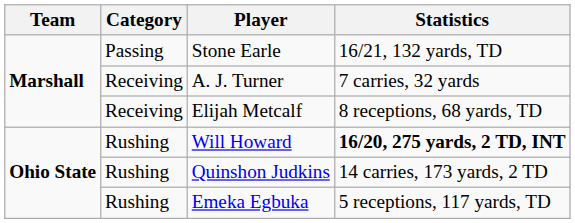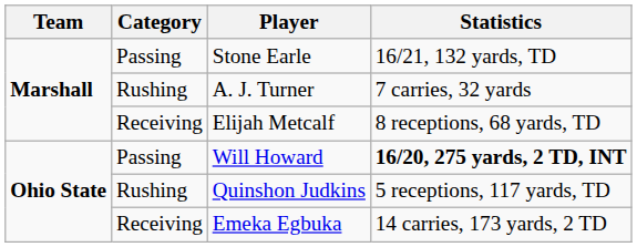 <table class="wikitable" style="float: right;">
 <tr>
 <th>Team</th>
 <th>Category</th>
 <th>Player</th>
 <th>Statistics</th>
 </tr>
 <tr>
 <td rowspan=3><strong>Marshall</strong></td>
 <td>Passing</td>
 <td>Stone Earle</td>
 <td>16/21, 132 yards, TD</td>
 </tr>
 <tr>
-<td>Receiving</td>
+<td>Rushing</td>
 <td>A. J. Turner</td>
 <td>7 carries, 32 yards</td>
 </tr>
 <tr>
 <td>Receiving</td>
 <td>Elijah Metcalf</td>
 <td>8 receptions, 68 yards, TD</td>
 </tr>
 <tr>
 <td rowspan=3><strong>Ohio State</strong></td>
-<td>Rushing</td>
+<td>Passing</td>
 <td><a href='#'>Will Howard</a></td>
 <td><strong>16/20, 275 yards, 2 TD, INT</strong></td>
 </tr>
 <tr>
 <td>Rushing</td>
 <td><a href='#'>Quinshon Judkins</a></td>
+<td>5 receptions, 117 yards, TD</td>
+</tr>
+<tr>
+<td>Receiving</td>
+<td><a href='#'>Emeka Egbuka</a></td>
 <td>14 carries, 173 yards, 2 TD</td>
 </tr>
-<tr>
-<td>Rushing</td>
-<td><a href='#'>Emeka Egbuka</a></td>
-<td>5 receptions, 117 yards, TD</td>
-</tr>
 </table>
